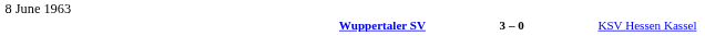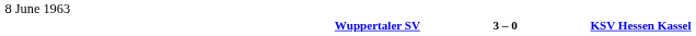 <table width=100% cellspacing=1>
 <tr>
 <th width=25%></th>
 <th width=10%></th>
 <th width=25%></th>
 <th></th>
 </tr>
 <tr>
 <td>8 June 1963</td>
 </tr>
 <tr style=font-size:90%>
 <td align=right><strong><a href='#'>Wuppertaler SV</a></strong></td>
 <td align=center><strong>3 – 0</strong></td>
-<td><a href='#'>KSV Hessen Kassel</a></td>
+<td><strong><a href='#'>KSV Hessen Kassel</a></strong></td>
 </tr>
 </table>
